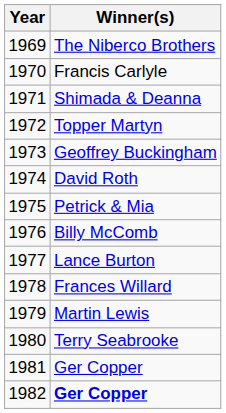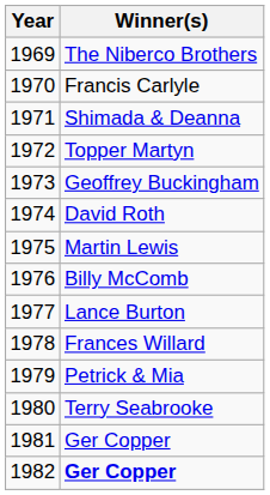 <table class="wikitable sortable">
 <tr>
 <th>Year</th>
 <th>Winner(s)</th>
 </tr>
 <tr>
 <td>1969</td>
 <td><a href='#'>The Niberco Brothers</a></td>
 </tr>
 <tr>
 <td>1970</td>
 <td>Francis Carlyle</td>
 </tr>
 <tr>
 <td>1971</td>
 <td><a href='#'>Shimada & Deanna</a></td>
 </tr>
 <tr>
 <td>1972</td>
 <td><a href='#'>Topper Martyn</a></td>
 </tr>
 <tr>
 <td>1973</td>
 <td><a href='#'>Geoffrey Buckingham</a></td>
 </tr>
 <tr>
 <td>1974</td>
 <td><a href='#'>David Roth</a></td>
 </tr>
 <tr>
 <td>1975</td>
-<td><a href='#'>Petrick & Mia</a></td>
+<td><a href='#'>Martin Lewis</a></td>
 </tr>
 <tr>
 <td>1976</td>
 <td><a href='#'>Billy McComb</a></td>
 </tr>
 <tr>
 <td>1977</td>
 <td><a href='#'>Lance Burton</a></td>
 </tr>
 <tr>
 <td>1978</td>
 <td><a href='#'>Frances Willard</a></td>
 </tr>
 <tr>
 <td>1979</td>
-<td><a href='#'>Martin Lewis</a></td>
+<td><a href='#'>Petrick & Mia</a></td>
 </tr>
 <tr>
 <td>1980</td>
 <td><a href='#'>Terry Seabrooke</a></td>
 </tr>
 <tr>
 <td>1981</td>
 <td><a href='#'>Ger Copper</a></td>
 </tr>
 <tr>
 <td>1982</td>
 <td><strong><a href='#'>Ger Copper</a></strong></td>
 </tr>
 </table>
